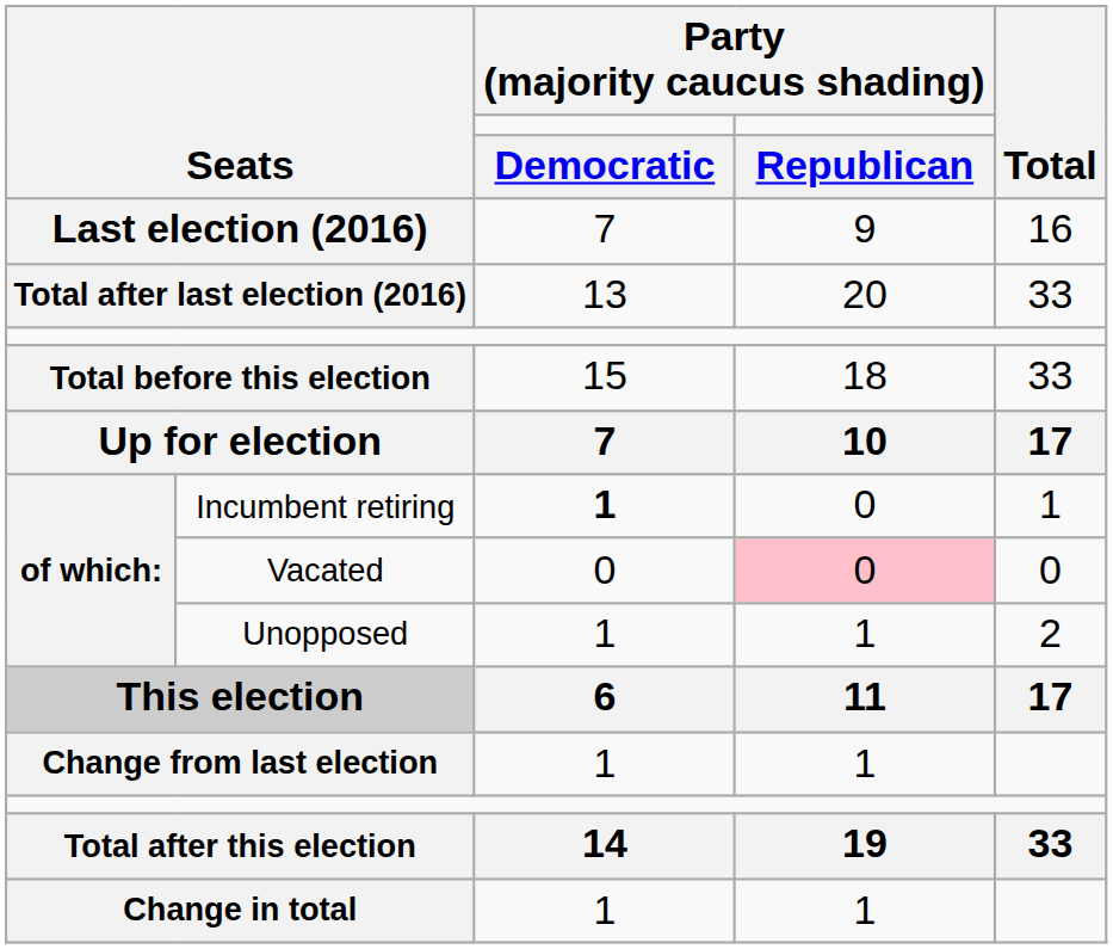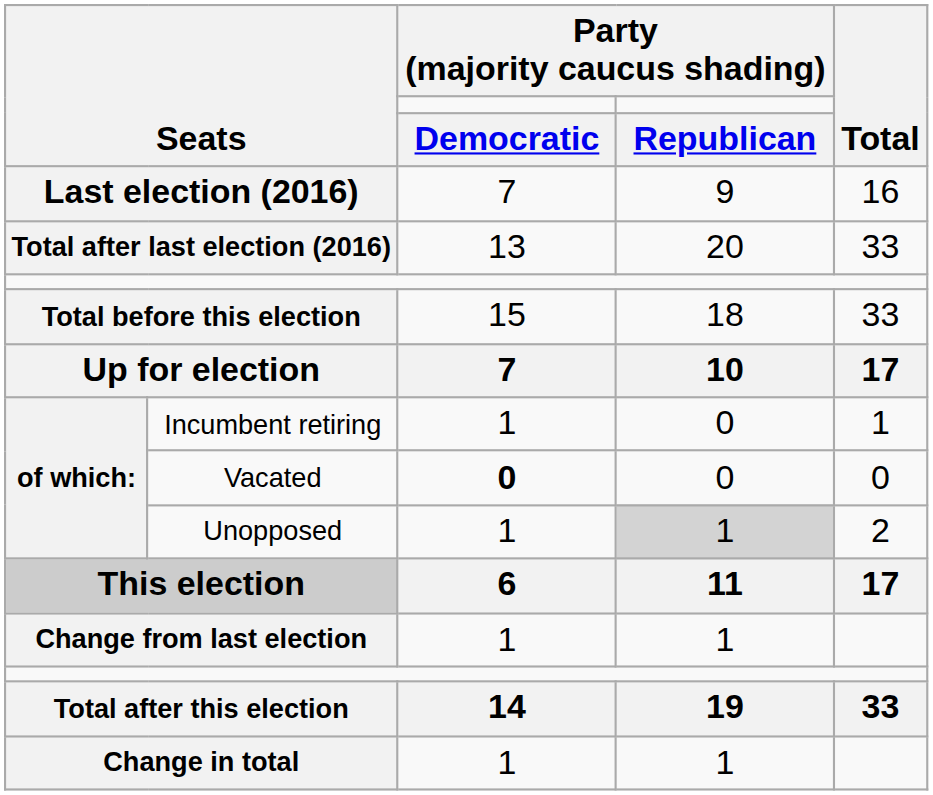 <table class=wikitable style="text-align:center">
 <tr style="vertical-align:bottom;">
 <th rowspan=3 colspan=2>Seats</th>
 <th colspan=2>Party <div>(majority caucus shading)</div></th>
 <th rowspan=3>Total</th>
 </tr>
 <tr style="height:5px">
 <td style="background-color:"></td>
 <td style="background-color:"></td>
 </tr>
 <tr>
 <th><a href='#'>Democratic</a></th>
 <th><a href='#'>Republican</a></th>
 </tr>
 <tr>
 <th nowrap colspan=2>Last election (2016)</th>
 <td>7</td>
 <td>9</td>
 <td>16</td>
 </tr>
 <tr>
 <th nowrap style="font-size:80%" colspan=2>Total after last election (2016)</th>
 <td>13</td>
 <td>20</td>
 <td>33</td>
 </tr>
 <tr>
 <td colspan=5></td>
 </tr>
 <tr>
 <th nowrap style="font-size:80%" colspan=2>Total before this election</th>
 <td>15</td>
 <td>18</td>
 <td>33</td>
 </tr>
 <tr>
 <th colspan=2>Up for election</th>
 <th>7</th>
 <th>10</th>
 <th>17</th>
 </tr>
 <tr>
 <th style="font-size:80%" rowspan=3>of which:</th>
 <td nowrap style="font-size:80%">Incumbent retiring</td>
-<td><strong>1</strong></td>
+<td>1</td>
 <td>0</td>
 <td>1</td>
 </tr>
 <tr>
 <td nowrap style="font-size:80%">Vacated</td>
+<td><strong>0</strong></td>
 <td>0</td>
-<td style="background: pink;">0</td>
 <td>0</td>
 </tr>
 <tr>
 <td nowrap style="font-size:80%">Unopposed</td>
 <td>1</td>
-<td>1</td>
+<td style="background: lightgrey;">1</td>
 <td>2</td>
 </tr>
 <tr>
 <th nowrap style="background:#ccc" colspan=2>This election</th>
 <th>6</th>
 <th>11</th>
 <th>17</th>
 </tr>
 <tr>
 <th nowrap style="font-size:80%"  colspan=2>Change from last election</th>
 <td> 1</td>
 <td> 1</td>
 <td></td>
 </tr>
 <tr>
 <td colspan=5></td>
 </tr>
 <tr>
 <th nowrap style="font-size:80%" colspan=2>Total after this election</th>
 <th>14</th>
 <th>19</th>
 <th>33</th>
 </tr>
 <tr>
 <th nowrap style="font-size:80%"  colspan=2>Change in total</th>
 <td> 1</td>
 <td> 1</td>
 <td></td>
 </tr>
 </table>
